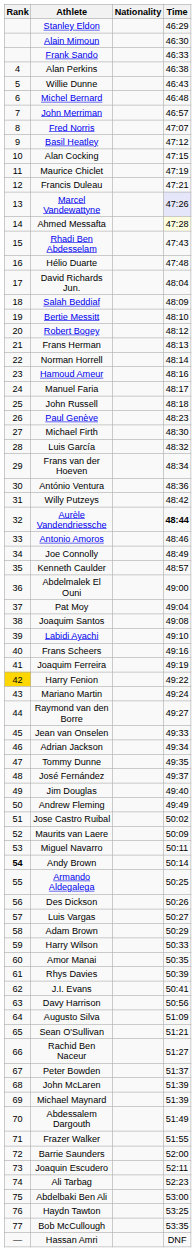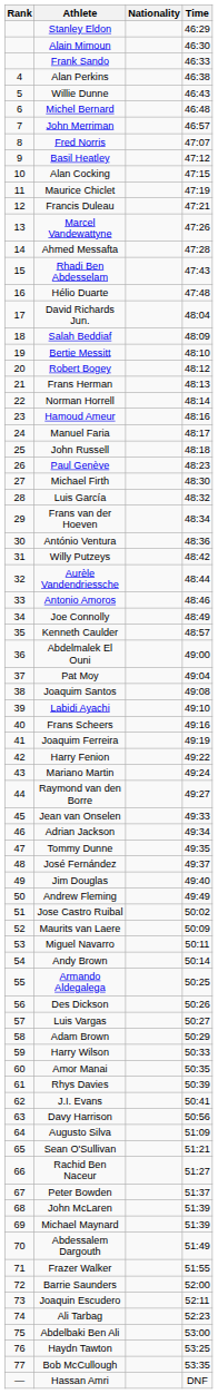 <table class="wikitable sortable" style=" text-align:center; font-size:95%;" width="50%">
 <tr>
 <th>Rank</th>
 <th>Athlete</th>
 <th>Nationality</th>
 <th>Time</th>
 </tr>
 <tr>
 <td align=center></td>
 <td><a href='#'>Stanley Eldon</a></td>
 <td></td>
 <td>46:29</td>
 </tr>
 <tr>
 <td align=center></td>
 <td><a href='#'>Alain Mimoun</a></td>
 <td></td>
 <td>46:30</td>
 </tr>
 <tr>
 <td align=center></td>
 <td><a href='#'>Frank Sando</a></td>
 <td></td>
 <td>46:33</td>
 </tr>
 <tr>
 <td align=center>4</td>
 <td>Alan Perkins</td>
 <td></td>
 <td>46:38</td>
 </tr>
 <tr>
 <td align=center>5</td>
 <td>Willie Dunne</td>
 <td></td>
 <td>46:43</td>
 </tr>
 <tr>
 <td align=center>6</td>
 <td><a href='#'>Michel Bernard</a></td>
 <td></td>
 <td>46:48</td>
 </tr>
 <tr>
 <td align=center>7</td>
 <td><a href='#'>John Merriman</a></td>
 <td></td>
 <td>46:57</td>
 </tr>
 <tr>
 <td align=center>8</td>
 <td><a href='#'>Fred Norris</a></td>
 <td></td>
 <td>47:07</td>
 </tr>
 <tr>
 <td align=center>9</td>
 <td><a href='#'>Basil Heatley</a></td>
 <td></td>
 <td>47:12</td>
 </tr>
 <tr>
 <td align=center>10</td>
 <td>Alan Cocking</td>
 <td></td>
 <td>47:15</td>
 </tr>
 <tr>
 <td align=center>11</td>
 <td>Maurice Chiclet</td>
 <td></td>
 <td>47:19</td>
 </tr>
 <tr>
 <td align=center>12</td>
 <td>Francis Duleau</td>
 <td></td>
 <td>47:21</td>
 </tr>
 <tr>
 <td align=center>13</td>
 <td><a href='#'>Marcel Vandewattyne</a></td>
 <td></td>
-<td style="background: lavender;">47:26</td>
+<td>47:26</td>
 </tr>
 <tr>
 <td align=center>14</td>
 <td>Ahmed Messafta</td>
 <td></td>
-<td style="background: lightyellow;">47:28</td>
+<td>47:28</td>
 </tr>
 <tr>
 <td align=center>15</td>
 <td><a href='#'>Rhadi Ben Abdesselam</a></td>
 <td></td>
 <td>47:43</td>
 </tr>
 <tr>
 <td align=center>16</td>
 <td>Hélio Duarte</td>
 <td></td>
 <td>47:48</td>
 </tr>
 <tr>
 <td align=center>17</td>
 <td>David Richards Jun.</td>
 <td></td>
 <td>48:04</td>
 </tr>
 <tr>
 <td align=center>18</td>
 <td><a href='#'>Salah Beddiaf</a></td>
 <td></td>
 <td>48:09</td>
 </tr>
 <tr>
 <td align=center>19</td>
 <td><a href='#'>Bertie Messitt</a></td>
 <td></td>
 <td>48:10</td>
 </tr>
 <tr>
 <td align=center>20</td>
 <td><a href='#'>Robert Bogey</a></td>
 <td></td>
 <td>48:12</td>
 </tr>
 <tr>
 <td align=center>21</td>
 <td>Frans Herman</td>
 <td></td>
 <td>48:13</td>
 </tr>
 <tr>
 <td align=center>22</td>
 <td>Norman Horrell</td>
 <td></td>
 <td>48:14</td>
 </tr>
 <tr>
 <td align=center>23</td>
 <td><a href='#'>Hamoud Ameur</a></td>
 <td></td>
 <td>48:16</td>
 </tr>
 <tr>
 <td align=center>24</td>
 <td>Manuel Faria</td>
 <td></td>
 <td>48:17</td>
 </tr>
 <tr>
 <td align=center>25</td>
 <td>John Russell</td>
 <td></td>
 <td>48:18</td>
 </tr>
 <tr>
 <td align=center>26</td>
 <td><a href='#'>Paul Genève</a></td>
 <td></td>
 <td>48:23</td>
 </tr>
 <tr>
 <td align=center>27</td>
 <td>Michael Firth</td>
 <td></td>
 <td>48:30</td>
 </tr>
 <tr>
 <td align=center>28</td>
 <td>Luis García</td>
 <td></td>
 <td>48:32</td>
 </tr>
 <tr>
 <td align=center>29</td>
 <td>Frans van der Hoeven</td>
 <td></td>
 <td>48:34</td>
 </tr>
 <tr>
 <td align=center>30</td>
 <td>António Ventura</td>
 <td></td>
 <td>48:36</td>
 </tr>
 <tr>
 <td align=center>31</td>
 <td>Willy Putzeys</td>
 <td></td>
 <td>48:42</td>
 </tr>
 <tr>
 <td align=center>32</td>
 <td><a href='#'>Aurèle Vandendriessche</a></td>
 <td></td>
-<td><strong>48:44</strong></td>
+<td>48:44</td>
 </tr>
 <tr>
 <td align=center>33</td>
 <td><a href='#'>Antonio Amoros</a></td>
 <td></td>
 <td>48:46</td>
 </tr>
 <tr>
 <td align=center>34</td>
 <td>Joe Connolly</td>
 <td></td>
 <td>48:49</td>
 </tr>
 <tr>
 <td align=center>35</td>
 <td>Kenneth Caulder</td>
 <td></td>
 <td>48:57</td>
 </tr>
 <tr>
 <td align=center>36</td>
 <td>Abdelmalek El Ouni</td>
 <td></td>
 <td>49:00</td>
 </tr>
 <tr>
 <td align=center>37</td>
 <td>Pat Moy</td>
 <td></td>
 <td>49:04</td>
 </tr>
 <tr>
 <td align=center>38</td>
 <td>Joaquim Santos</td>
 <td></td>
 <td>49:08</td>
 </tr>
 <tr>
 <td align=center>39</td>
 <td><a href='#'>Labidi Ayachi</a></td>
 <td></td>
 <td>49:10</td>
 </tr>
 <tr>
 <td align=center>40</td>
 <td>Frans Scheers</td>
 <td></td>
 <td>49:16</td>
 </tr>
 <tr>
 <td align=center>41</td>
 <td>Joaquim Ferreira</td>
 <td></td>
 <td>49:19</td>
 </tr>
 <tr>
-<td align=center style="background: gold;">42</td>
+<td align=center>42</td>
 <td>Harry Fenion</td>
 <td></td>
 <td>49:22</td>
 </tr>
 <tr>
 <td align=center>43</td>
 <td>Mariano Martin</td>
 <td></td>
 <td>49:24</td>
 </tr>
 <tr>
 <td align=center>44</td>
 <td>Raymond van den Borre</td>
 <td></td>
 <td>49:27</td>
 </tr>
 <tr>
 <td align=center>45</td>
 <td>Jean van Onselen</td>
 <td></td>
 <td>49:33</td>
 </tr>
 <tr>
 <td align=center>46</td>
 <td>Adrian Jackson</td>
 <td></td>
 <td>49:34</td>
 </tr>
 <tr>
 <td align=center>47</td>
 <td>Tommy Dunne</td>
 <td></td>
 <td>49:35</td>
 </tr>
 <tr>
 <td align=center>48</td>
 <td>José Fernández</td>
 <td></td>
 <td>49:37</td>
 </tr>
 <tr>
 <td align=center>49</td>
 <td>Jim Douglas</td>
 <td></td>
 <td>49:40</td>
 </tr>
 <tr>
 <td align=center>50</td>
 <td>Andrew Fleming</td>
 <td></td>
 <td>49:49</td>
 </tr>
 <tr>
 <td align=center>51</td>
 <td>Jose Castro Ruibal</td>
 <td></td>
 <td>50:02</td>
 </tr>
 <tr>
 <td align=center>52</td>
 <td>Maurits van Laere</td>
 <td></td>
 <td>50:09</td>
 </tr>
 <tr>
 <td align=center>53</td>
 <td>Miguel Navarro</td>
 <td></td>
 <td>50:11</td>
 </tr>
 <tr>
-<td align=center><strong>54</strong></td>
+<td align=center>54</td>
 <td>Andy Brown</td>
 <td></td>
 <td>50:14</td>
 </tr>
 <tr>
 <td align=center>55</td>
 <td><a href='#'>Armando Aldegalega</a></td>
 <td></td>
 <td>50:25</td>
 </tr>
 <tr>
 <td align=center>56</td>
 <td>Des Dickson</td>
 <td></td>
 <td>50:26</td>
 </tr>
 <tr>
 <td align=center>57</td>
 <td>Luis Vargas</td>
 <td></td>
 <td>50:27</td>
 </tr>
 <tr>
 <td align=center>58</td>
 <td>Adam Brown</td>
 <td></td>
 <td>50:29</td>
 </tr>
 <tr>
 <td align=center>59</td>
 <td>Harry Wilson</td>
 <td></td>
 <td>50:33</td>
 </tr>
 <tr>
 <td align=center>60</td>
 <td>Amor Manai</td>
 <td></td>
 <td>50:35</td>
 </tr>
 <tr>
 <td align=center>61</td>
 <td>Rhys Davies</td>
 <td></td>
 <td>50:39</td>
 </tr>
 <tr>
 <td align=center>62</td>
 <td>J.I. Evans</td>
 <td></td>
 <td>50:41</td>
 </tr>
 <tr>
 <td align=center>63</td>
 <td>Davy Harrison</td>
 <td></td>
 <td>50:56</td>
 </tr>
 <tr>
 <td align=center>64</td>
 <td>Augusto Silva</td>
 <td></td>
 <td>51:09</td>
 </tr>
 <tr>
 <td align=center>65</td>
 <td>Sean O'Sullivan</td>
 <td></td>
 <td>51:21</td>
 </tr>
 <tr>
 <td align=center>66</td>
 <td>Rachid Ben Naceur</td>
 <td></td>
 <td>51:27</td>
 </tr>
 <tr>
 <td align=center>67</td>
 <td>Peter Bowden</td>
 <td></td>
 <td>51:37</td>
 </tr>
 <tr>
 <td align=center>68</td>
 <td>John McLaren</td>
 <td></td>
 <td>51:39</td>
 </tr>
 <tr>
 <td align=center>69</td>
 <td>Michael Maynard</td>
 <td></td>
 <td>51:39</td>
 </tr>
 <tr>
 <td align=center>70</td>
 <td>Abdessalem Dargouth</td>
 <td></td>
 <td>51:49</td>
 </tr>
 <tr>
 <td align=center>71</td>
 <td>Frazer Walker</td>
 <td></td>
 <td>51:55</td>
 </tr>
 <tr>
 <td align=center>72</td>
 <td>Barrie Saunders</td>
 <td></td>
 <td>52:00</td>
 </tr>
 <tr>
 <td align=center>73</td>
 <td>Joaquin Escudero</td>
 <td></td>
 <td>52:11</td>
 </tr>
 <tr>
 <td align=center>74</td>
 <td>Ali Tarbag</td>
 <td></td>
 <td>52:23</td>
 </tr>
 <tr>
 <td align=center>75</td>
 <td>Abdelbaki Ben Ali</td>
 <td></td>
 <td>53:00</td>
 </tr>
 <tr>
 <td align=center>76</td>
 <td>Haydn Tawton</td>
 <td></td>
 <td>53:25</td>
 </tr>
 <tr>
 <td align=center>77</td>
 <td>Bob McCullough</td>
 <td></td>
 <td>53:35</td>
 </tr>
 <tr>
 <td align=center>—</td>
 <td>Hassan Amri</td>
 <td></td>
 <td>DNF</td>
 </tr>
 </table>
